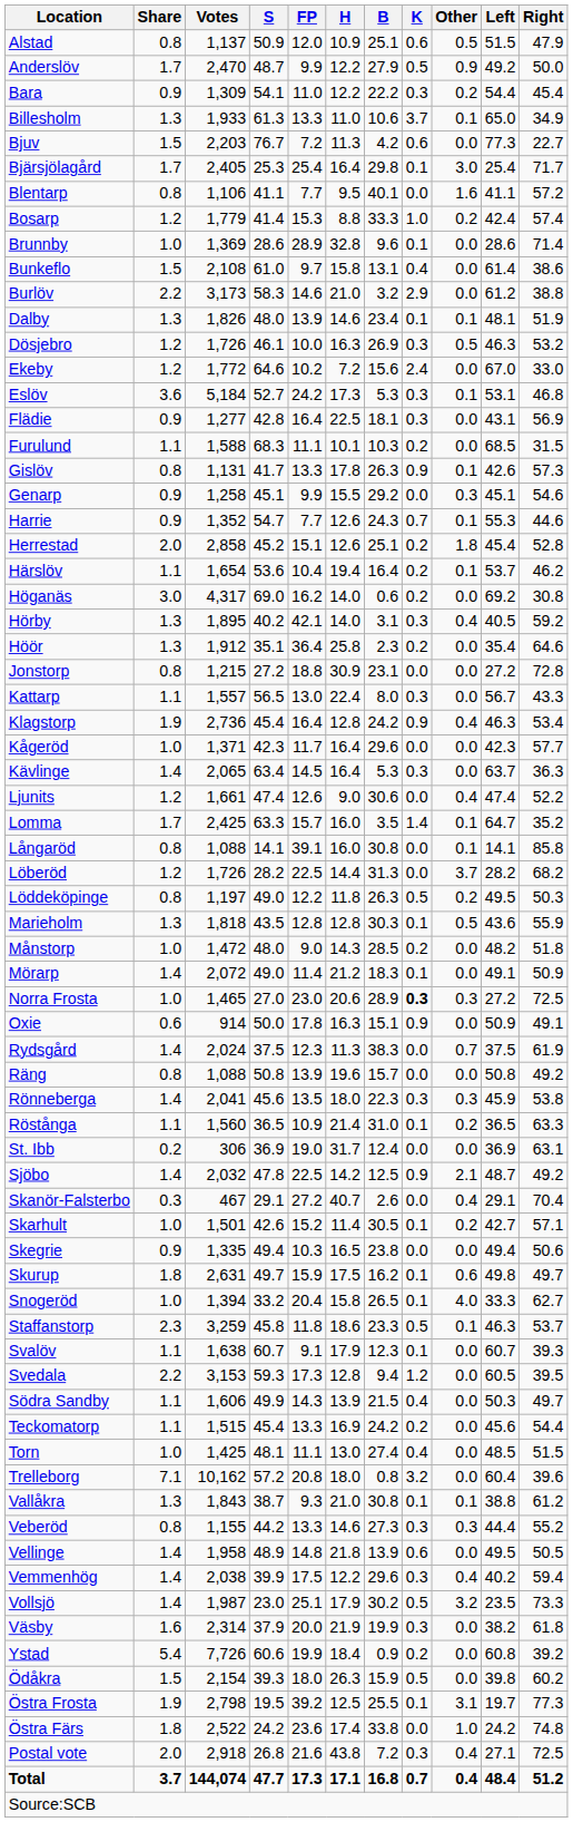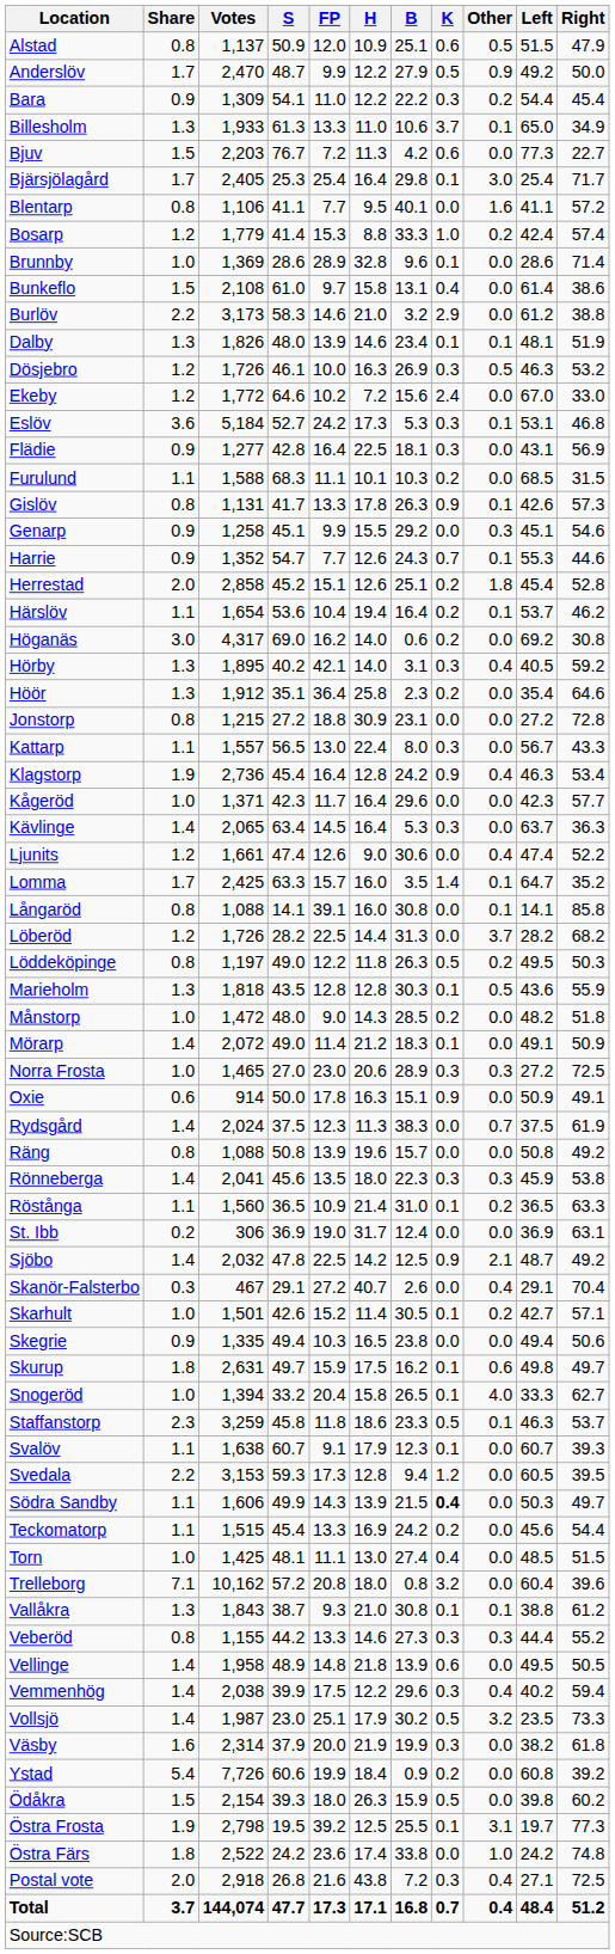 <table class="wikitable sortable" style=text-align:right>
 <tr>
 <th>Location</th>
 <th>Share</th>
 <th>Votes</th>
 <th><a href='#'>S</a></th>
 <th><a href='#'>FP</a></th>
 <th><a href='#'>H</a></th>
 <th><a href='#'>B</a></th>
 <th><a href='#'>K</a></th>
 <th>Other</th>
 <th>Left</th>
 <th>Right</th>
 </tr>
 <tr>
 <td align=left><a href='#'>Alstad</a></td>
 <td>0.8</td>
 <td>1,137</td>
 <td>50.9</td>
 <td>12.0</td>
 <td>10.9</td>
 <td>25.1</td>
 <td>0.6</td>
 <td>0.5</td>
 <td>51.5</td>
 <td>47.9</td>
 </tr>
 <tr>
 <td align=left><a href='#'>Anderslöv</a></td>
 <td>1.7</td>
 <td>2,470</td>
 <td>48.7</td>
 <td>9.9</td>
 <td>12.2</td>
 <td>27.9</td>
 <td>0.5</td>
 <td>0.9</td>
 <td>49.2</td>
 <td>50.0</td>
 </tr>
 <tr>
 <td align=left><a href='#'>Bara</a></td>
 <td>0.9</td>
 <td>1,309</td>
 <td>54.1</td>
 <td>11.0</td>
 <td>12.2</td>
 <td>22.2</td>
 <td>0.3</td>
 <td>0.2</td>
 <td>54.4</td>
 <td>45.4</td>
 </tr>
 <tr>
 <td align=left><a href='#'>Billesholm</a></td>
 <td>1.3</td>
 <td>1,933</td>
 <td>61.3</td>
 <td>13.3</td>
 <td>11.0</td>
 <td>10.6</td>
 <td>3.7</td>
 <td>0.1</td>
 <td>65.0</td>
 <td>34.9</td>
 </tr>
 <tr>
 <td align=left><a href='#'>Bjuv</a></td>
 <td>1.5</td>
 <td>2,203</td>
 <td>76.7</td>
 <td>7.2</td>
 <td>11.3</td>
 <td>4.2</td>
 <td>0.6</td>
 <td>0.0</td>
 <td>77.3</td>
 <td>22.7</td>
 </tr>
 <tr>
 <td align=left><a href='#'>Bjärsjölagård</a></td>
 <td>1.7</td>
 <td>2,405</td>
 <td>25.3</td>
 <td>25.4</td>
 <td>16.4</td>
 <td>29.8</td>
 <td>0.1</td>
 <td>3.0</td>
 <td>25.4</td>
 <td>71.7</td>
 </tr>
 <tr>
 <td align=left><a href='#'>Blentarp</a></td>
 <td>0.8</td>
 <td>1,106</td>
 <td>41.1</td>
 <td>7.7</td>
 <td>9.5</td>
 <td>40.1</td>
 <td>0.0</td>
 <td>1.6</td>
 <td>41.1</td>
 <td>57.2</td>
 </tr>
 <tr>
 <td align=left><a href='#'>Bosarp</a></td>
 <td>1.2</td>
 <td>1,779</td>
 <td>41.4</td>
 <td>15.3</td>
 <td>8.8</td>
 <td>33.3</td>
 <td>1.0</td>
 <td>0.2</td>
 <td>42.4</td>
 <td>57.4</td>
 </tr>
 <tr>
 <td align=left><a href='#'>Brunnby</a></td>
 <td>1.0</td>
 <td>1,369</td>
 <td>28.6</td>
 <td>28.9</td>
 <td>32.8</td>
 <td>9.6</td>
 <td>0.1</td>
 <td>0.0</td>
 <td>28.6</td>
 <td>71.4</td>
 </tr>
 <tr>
 <td align=left><a href='#'>Bunkeflo</a></td>
 <td>1.5</td>
 <td>2,108</td>
 <td>61.0</td>
 <td>9.7</td>
 <td>15.8</td>
 <td>13.1</td>
 <td>0.4</td>
 <td>0.0</td>
 <td>61.4</td>
 <td>38.6</td>
 </tr>
 <tr>
 <td align=left><a href='#'>Burlöv</a></td>
 <td>2.2</td>
 <td>3,173</td>
 <td>58.3</td>
 <td>14.6</td>
 <td>21.0</td>
 <td>3.2</td>
 <td>2.9</td>
 <td>0.0</td>
 <td>61.2</td>
 <td>38.8</td>
 </tr>
 <tr>
 <td align=left><a href='#'>Dalby</a></td>
 <td>1.3</td>
 <td>1,826</td>
 <td>48.0</td>
 <td>13.9</td>
 <td>14.6</td>
 <td>23.4</td>
 <td>0.1</td>
 <td>0.1</td>
 <td>48.1</td>
 <td>51.9</td>
 </tr>
 <tr>
 <td align=left><a href='#'>Dösjebro</a></td>
 <td>1.2</td>
 <td>1,726</td>
 <td>46.1</td>
 <td>10.0</td>
 <td>16.3</td>
 <td>26.9</td>
 <td>0.3</td>
 <td>0.5</td>
 <td>46.3</td>
 <td>53.2</td>
 </tr>
 <tr>
 <td align=left><a href='#'>Ekeby</a></td>
 <td>1.2</td>
 <td>1,772</td>
 <td>64.6</td>
 <td>10.2</td>
 <td>7.2</td>
 <td>15.6</td>
 <td>2.4</td>
 <td>0.0</td>
 <td>67.0</td>
 <td>33.0</td>
 </tr>
 <tr>
 <td align=left><a href='#'>Eslöv</a></td>
 <td>3.6</td>
 <td>5,184</td>
 <td>52.7</td>
 <td>24.2</td>
 <td>17.3</td>
 <td>5.3</td>
 <td>0.3</td>
 <td>0.1</td>
 <td>53.1</td>
 <td>46.8</td>
 </tr>
 <tr>
 <td align=left><a href='#'>Flädie</a></td>
 <td>0.9</td>
 <td>1,277</td>
 <td>42.8</td>
 <td>16.4</td>
 <td>22.5</td>
 <td>18.1</td>
 <td>0.3</td>
 <td>0.0</td>
 <td>43.1</td>
 <td>56.9</td>
 </tr>
 <tr>
 <td align=left><a href='#'>Furulund</a></td>
 <td>1.1</td>
 <td>1,588</td>
 <td>68.3</td>
 <td>11.1</td>
 <td>10.1</td>
 <td>10.3</td>
 <td>0.2</td>
 <td>0.0</td>
 <td>68.5</td>
 <td>31.5</td>
 </tr>
 <tr>
 <td align=left><a href='#'>Gislöv</a></td>
 <td>0.8</td>
 <td>1,131</td>
 <td>41.7</td>
 <td>13.3</td>
 <td>17.8</td>
 <td>26.3</td>
 <td>0.9</td>
 <td>0.1</td>
 <td>42.6</td>
 <td>57.3</td>
 </tr>
 <tr>
 <td align=left><a href='#'>Genarp</a></td>
 <td>0.9</td>
 <td>1,258</td>
 <td>45.1</td>
 <td>9.9</td>
 <td>15.5</td>
 <td>29.2</td>
 <td>0.0</td>
 <td>0.3</td>
 <td>45.1</td>
 <td>54.6</td>
 </tr>
 <tr>
 <td align=left><a href='#'>Harrie</a></td>
 <td>0.9</td>
 <td>1,352</td>
 <td>54.7</td>
 <td>7.7</td>
 <td>12.6</td>
 <td>24.3</td>
 <td>0.7</td>
 <td>0.1</td>
 <td>55.3</td>
 <td>44.6</td>
 </tr>
 <tr>
 <td align=left><a href='#'>Herrestad</a></td>
 <td>2.0</td>
 <td>2,858</td>
 <td>45.2</td>
 <td>15.1</td>
 <td>12.6</td>
 <td>25.1</td>
 <td>0.2</td>
 <td>1.8</td>
 <td>45.4</td>
 <td>52.8</td>
 </tr>
 <tr>
 <td align=left><a href='#'>Härslöv</a></td>
 <td>1.1</td>
 <td>1,654</td>
 <td>53.6</td>
 <td>10.4</td>
 <td>19.4</td>
 <td>16.4</td>
 <td>0.2</td>
 <td>0.1</td>
 <td>53.7</td>
 <td>46.2</td>
 </tr>
 <tr>
 <td align=left><a href='#'>Höganäs</a></td>
 <td>3.0</td>
 <td>4,317</td>
 <td>69.0</td>
 <td>16.2</td>
 <td>14.0</td>
 <td>0.6</td>
 <td>0.2</td>
 <td>0.0</td>
 <td>69.2</td>
 <td>30.8</td>
 </tr>
 <tr>
 <td align=left><a href='#'>Hörby</a></td>
 <td>1.3</td>
 <td>1,895</td>
 <td>40.2</td>
 <td>42.1</td>
 <td>14.0</td>
 <td>3.1</td>
 <td>0.3</td>
 <td>0.4</td>
 <td>40.5</td>
 <td>59.2</td>
 </tr>
 <tr>
 <td align=left><a href='#'>Höör</a></td>
 <td>1.3</td>
 <td>1,912</td>
 <td>35.1</td>
 <td>36.4</td>
 <td>25.8</td>
 <td>2.3</td>
 <td>0.2</td>
 <td>0.0</td>
 <td>35.4</td>
 <td>64.6</td>
 </tr>
 <tr>
 <td align=left><a href='#'>Jonstorp</a></td>
 <td>0.8</td>
 <td>1,215</td>
 <td>27.2</td>
 <td>18.8</td>
 <td>30.9</td>
 <td>23.1</td>
 <td>0.0</td>
 <td>0.0</td>
 <td>27.2</td>
 <td>72.8</td>
 </tr>
 <tr>
 <td align=left><a href='#'>Kattarp</a></td>
 <td>1.1</td>
 <td>1,557</td>
 <td>56.5</td>
 <td>13.0</td>
 <td>22.4</td>
 <td>8.0</td>
 <td>0.3</td>
 <td>0.0</td>
 <td>56.7</td>
 <td>43.3</td>
 </tr>
 <tr>
 <td align=left><a href='#'>Klagstorp</a></td>
 <td>1.9</td>
 <td>2,736</td>
 <td>45.4</td>
 <td>16.4</td>
 <td>12.8</td>
 <td>24.2</td>
 <td>0.9</td>
 <td>0.4</td>
 <td>46.3</td>
 <td>53.4</td>
 </tr>
 <tr>
 <td align=left><a href='#'>Kågeröd</a></td>
 <td>1.0</td>
 <td>1,371</td>
 <td>42.3</td>
 <td>11.7</td>
 <td>16.4</td>
 <td>29.6</td>
 <td>0.0</td>
 <td>0.0</td>
 <td>42.3</td>
 <td>57.7</td>
 </tr>
 <tr>
 <td align=left><a href='#'>Kävlinge</a></td>
 <td>1.4</td>
 <td>2,065</td>
 <td>63.4</td>
 <td>14.5</td>
 <td>16.4</td>
 <td>5.3</td>
 <td>0.3</td>
 <td>0.0</td>
 <td>63.7</td>
 <td>36.3</td>
 </tr>
 <tr>
 <td align=left><a href='#'>Ljunits</a></td>
 <td>1.2</td>
 <td>1,661</td>
 <td>47.4</td>
 <td>12.6</td>
 <td>9.0</td>
 <td>30.6</td>
 <td>0.0</td>
 <td>0.4</td>
 <td>47.4</td>
 <td>52.2</td>
 </tr>
 <tr>
 <td align=left><a href='#'>Lomma</a></td>
 <td>1.7</td>
 <td>2,425</td>
 <td>63.3</td>
 <td>15.7</td>
 <td>16.0</td>
 <td>3.5</td>
 <td>1.4</td>
 <td>0.1</td>
 <td>64.7</td>
 <td>35.2</td>
 </tr>
 <tr>
 <td align=left><a href='#'>Långaröd</a></td>
 <td>0.8</td>
 <td>1,088</td>
 <td>14.1</td>
 <td>39.1</td>
 <td>16.0</td>
 <td>30.8</td>
 <td>0.0</td>
 <td>0.1</td>
 <td>14.1</td>
 <td>85.8</td>
 </tr>
 <tr>
 <td align=left><a href='#'>Löberöd</a></td>
 <td>1.2</td>
 <td>1,726</td>
 <td>28.2</td>
 <td>22.5</td>
 <td>14.4</td>
 <td>31.3</td>
 <td>0.0</td>
 <td>3.7</td>
 <td>28.2</td>
 <td>68.2</td>
 </tr>
 <tr>
 <td align=left><a href='#'>Löddeköpinge</a></td>
 <td>0.8</td>
 <td>1,197</td>
 <td>49.0</td>
 <td>12.2</td>
 <td>11.8</td>
 <td>26.3</td>
 <td>0.5</td>
 <td>0.2</td>
 <td>49.5</td>
 <td>50.3</td>
 </tr>
 <tr>
 <td align=left><a href='#'>Marieholm</a></td>
 <td>1.3</td>
 <td>1,818</td>
 <td>43.5</td>
 <td>12.8</td>
 <td>12.8</td>
 <td>30.3</td>
 <td>0.1</td>
 <td>0.5</td>
 <td>43.6</td>
 <td>55.9</td>
 </tr>
 <tr>
 <td align=left><a href='#'>Månstorp</a></td>
 <td>1.0</td>
 <td>1,472</td>
 <td>48.0</td>
 <td>9.0</td>
 <td>14.3</td>
 <td>28.5</td>
 <td>0.2</td>
 <td>0.0</td>
 <td>48.2</td>
 <td>51.8</td>
 </tr>
 <tr>
 <td align=left><a href='#'>Mörarp</a></td>
 <td>1.4</td>
 <td>2,072</td>
 <td>49.0</td>
 <td>11.4</td>
 <td>21.2</td>
 <td>18.3</td>
 <td>0.1</td>
 <td>0.0</td>
 <td>49.1</td>
 <td>50.9</td>
 </tr>
 <tr>
 <td align=left><a href='#'>Norra Frosta</a></td>
 <td>1.0</td>
 <td>1,465</td>
 <td>27.0</td>
 <td>23.0</td>
 <td>20.6</td>
 <td>28.9</td>
-<td><strong>0.3</strong></td>
+<td>0.3</td>
 <td>0.3</td>
 <td>27.2</td>
 <td>72.5</td>
 </tr>
 <tr>
 <td align=left><a href='#'>Oxie</a></td>
 <td>0.6</td>
 <td>914</td>
 <td>50.0</td>
 <td>17.8</td>
 <td>16.3</td>
 <td>15.1</td>
 <td>0.9</td>
 <td>0.0</td>
 <td>50.9</td>
 <td>49.1</td>
 </tr>
 <tr>
 <td align=left><a href='#'>Rydsgård</a></td>
 <td>1.4</td>
 <td>2,024</td>
 <td>37.5</td>
 <td>12.3</td>
 <td>11.3</td>
 <td>38.3</td>
 <td>0.0</td>
 <td>0.7</td>
 <td>37.5</td>
 <td>61.9</td>
 </tr>
 <tr>
 <td align=left><a href='#'>Räng</a></td>
 <td>0.8</td>
 <td>1,088</td>
 <td>50.8</td>
 <td>13.9</td>
 <td>19.6</td>
 <td>15.7</td>
 <td>0.0</td>
 <td>0.0</td>
 <td>50.8</td>
 <td>49.2</td>
 </tr>
 <tr>
 <td align=left><a href='#'>Rönneberga</a></td>
 <td>1.4</td>
 <td>2,041</td>
 <td>45.6</td>
 <td>13.5</td>
 <td>18.0</td>
 <td>22.3</td>
 <td>0.3</td>
 <td>0.3</td>
 <td>45.9</td>
 <td>53.8</td>
 </tr>
 <tr>
 <td align=left><a href='#'>Röstånga</a></td>
 <td>1.1</td>
 <td>1,560</td>
 <td>36.5</td>
 <td>10.9</td>
 <td>21.4</td>
 <td>31.0</td>
 <td>0.1</td>
 <td>0.2</td>
 <td>36.5</td>
 <td>63.3</td>
 </tr>
 <tr>
 <td align=left><a href='#'>St. Ibb</a></td>
 <td>0.2</td>
 <td>306</td>
 <td>36.9</td>
 <td>19.0</td>
 <td>31.7</td>
 <td>12.4</td>
 <td>0.0</td>
 <td>0.0</td>
 <td>36.9</td>
 <td>63.1</td>
 </tr>
 <tr>
 <td align=left><a href='#'>Sjöbo</a></td>
 <td>1.4</td>
 <td>2,032</td>
 <td>47.8</td>
 <td>22.5</td>
 <td>14.2</td>
 <td>12.5</td>
 <td>0.9</td>
 <td>2.1</td>
 <td>48.7</td>
 <td>49.2</td>
 </tr>
 <tr>
 <td align=left><a href='#'>Skanör-Falsterbo</a></td>
 <td>0.3</td>
 <td>467</td>
 <td>29.1</td>
 <td>27.2</td>
 <td>40.7</td>
 <td>2.6</td>
 <td>0.0</td>
 <td>0.4</td>
 <td>29.1</td>
 <td>70.4</td>
 </tr>
 <tr>
 <td align=left><a href='#'>Skarhult</a></td>
 <td>1.0</td>
 <td>1,501</td>
 <td>42.6</td>
 <td>15.2</td>
 <td>11.4</td>
 <td>30.5</td>
 <td>0.1</td>
 <td>0.2</td>
 <td>42.7</td>
 <td>57.1</td>
 </tr>
 <tr>
 <td align=left><a href='#'>Skegrie</a></td>
 <td>0.9</td>
 <td>1,335</td>
 <td>49.4</td>
 <td>10.3</td>
 <td>16.5</td>
 <td>23.8</td>
 <td>0.0</td>
 <td>0.0</td>
 <td>49.4</td>
 <td>50.6</td>
 </tr>
 <tr>
 <td align=left><a href='#'>Skurup</a></td>
 <td>1.8</td>
 <td>2,631</td>
 <td>49.7</td>
 <td>15.9</td>
 <td>17.5</td>
 <td>16.2</td>
 <td>0.1</td>
 <td>0.6</td>
 <td>49.8</td>
 <td>49.7</td>
 </tr>
 <tr>
 <td align=left><a href='#'>Snogeröd</a></td>
 <td>1.0</td>
 <td>1,394</td>
 <td>33.2</td>
 <td>20.4</td>
 <td>15.8</td>
 <td>26.5</td>
 <td>0.1</td>
 <td>4.0</td>
 <td>33.3</td>
 <td>62.7</td>
 </tr>
 <tr>
 <td align=left><a href='#'>Staffanstorp</a></td>
 <td>2.3</td>
 <td>3,259</td>
 <td>45.8</td>
 <td>11.8</td>
 <td>18.6</td>
 <td>23.3</td>
 <td>0.5</td>
 <td>0.1</td>
 <td>46.3</td>
 <td>53.7</td>
 </tr>
 <tr>
 <td align=left><a href='#'>Svalöv</a></td>
 <td>1.1</td>
 <td>1,638</td>
 <td>60.7</td>
 <td>9.1</td>
 <td>17.9</td>
 <td>12.3</td>
 <td>0.1</td>
 <td>0.0</td>
 <td>60.7</td>
 <td>39.3</td>
 </tr>
 <tr>
 <td align=left><a href='#'>Svedala</a></td>
 <td>2.2</td>
 <td>3,153</td>
 <td>59.3</td>
 <td>17.3</td>
 <td>12.8</td>
 <td>9.4</td>
 <td>1.2</td>
 <td>0.0</td>
 <td>60.5</td>
 <td>39.5</td>
 </tr>
 <tr>
 <td align=left><a href='#'>Södra Sandby</a></td>
 <td>1.1</td>
 <td>1,606</td>
 <td>49.9</td>
 <td>14.3</td>
 <td>13.9</td>
 <td>21.5</td>
-<td>0.4</td>
+<td><strong>0.4</strong></td>
 <td>0.0</td>
 <td>50.3</td>
 <td>49.7</td>
 </tr>
 <tr>
 <td align=left><a href='#'>Teckomatorp</a></td>
 <td>1.1</td>
 <td>1,515</td>
 <td>45.4</td>
 <td>13.3</td>
 <td>16.9</td>
 <td>24.2</td>
 <td>0.2</td>
 <td>0.0</td>
 <td>45.6</td>
 <td>54.4</td>
 </tr>
 <tr>
 <td align=left><a href='#'>Torn</a></td>
 <td>1.0</td>
 <td>1,425</td>
 <td>48.1</td>
 <td>11.1</td>
 <td>13.0</td>
 <td>27.4</td>
 <td>0.4</td>
 <td>0.0</td>
 <td>48.5</td>
 <td>51.5</td>
 </tr>
 <tr>
 <td align=left><a href='#'>Trelleborg</a></td>
 <td>7.1</td>
 <td>10,162</td>
 <td>57.2</td>
 <td>20.8</td>
 <td>18.0</td>
 <td>0.8</td>
 <td>3.2</td>
 <td>0.0</td>
 <td>60.4</td>
 <td>39.6</td>
 </tr>
 <tr>
 <td align=left><a href='#'>Vallåkra</a></td>
 <td>1.3</td>
 <td>1,843</td>
 <td>38.7</td>
 <td>9.3</td>
 <td>21.0</td>
 <td>30.8</td>
 <td>0.1</td>
 <td>0.1</td>
 <td>38.8</td>
 <td>61.2</td>
 </tr>
 <tr>
 <td align=left><a href='#'>Veberöd</a></td>
 <td>0.8</td>
 <td>1,155</td>
 <td>44.2</td>
 <td>13.3</td>
 <td>14.6</td>
 <td>27.3</td>
 <td>0.3</td>
 <td>0.3</td>
 <td>44.4</td>
 <td>55.2</td>
 </tr>
 <tr>
 <td align=left><a href='#'>Vellinge</a></td>
 <td>1.4</td>
 <td>1,958</td>
 <td>48.9</td>
 <td>14.8</td>
 <td>21.8</td>
 <td>13.9</td>
 <td>0.6</td>
 <td>0.0</td>
 <td>49.5</td>
 <td>50.5</td>
 </tr>
 <tr>
 <td align=left><a href='#'>Vemmenhög</a></td>
 <td>1.4</td>
 <td>2,038</td>
 <td>39.9</td>
 <td>17.5</td>
 <td>12.2</td>
 <td>29.6</td>
 <td>0.3</td>
 <td>0.4</td>
 <td>40.2</td>
 <td>59.4</td>
 </tr>
 <tr>
 <td align=left><a href='#'>Vollsjö</a></td>
 <td>1.4</td>
 <td>1,987</td>
 <td>23.0</td>
 <td>25.1</td>
 <td>17.9</td>
 <td>30.2</td>
 <td>0.5</td>
 <td>3.2</td>
 <td>23.5</td>
 <td>73.3</td>
 </tr>
 <tr>
 <td align=left><a href='#'>Väsby</a></td>
 <td>1.6</td>
 <td>2,314</td>
 <td>37.9</td>
 <td>20.0</td>
 <td>21.9</td>
 <td>19.9</td>
 <td>0.3</td>
 <td>0.0</td>
 <td>38.2</td>
 <td>61.8</td>
 </tr>
 <tr>
 <td align=left><a href='#'>Ystad</a></td>
 <td>5.4</td>
 <td>7,726</td>
 <td>60.6</td>
 <td>19.9</td>
 <td>18.4</td>
 <td>0.9</td>
 <td>0.2</td>
 <td>0.0</td>
 <td>60.8</td>
 <td>39.2</td>
 </tr>
 <tr>
 <td align=left><a href='#'>Ödåkra</a></td>
 <td>1.5</td>
 <td>2,154</td>
 <td>39.3</td>
 <td>18.0</td>
 <td>26.3</td>
 <td>15.9</td>
 <td>0.5</td>
 <td>0.0</td>
 <td>39.8</td>
 <td>60.2</td>
 </tr>
 <tr>
 <td align=left><a href='#'>Östra Frosta</a></td>
 <td>1.9</td>
 <td>2,798</td>
 <td>19.5</td>
 <td>39.2</td>
 <td>12.5</td>
 <td>25.5</td>
 <td>0.1</td>
 <td>3.1</td>
 <td>19.7</td>
 <td>77.3</td>
 </tr>
 <tr>
 <td align=left><a href='#'>Östra Färs</a></td>
 <td>1.8</td>
 <td>2,522</td>
 <td>24.2</td>
 <td>23.6</td>
 <td>17.4</td>
 <td>33.8</td>
 <td>0.0</td>
 <td>1.0</td>
 <td>24.2</td>
 <td>74.8</td>
 </tr>
 <tr>
 <td align=left><a href='#'>Postal vote</a></td>
 <td>2.0</td>
 <td>2,918</td>
 <td>26.8</td>
 <td>21.6</td>
 <td>43.8</td>
 <td>7.2</td>
 <td>0.3</td>
 <td>0.4</td>
 <td>27.1</td>
 <td>72.5</td>
 </tr>
 <tr>
 <td align=left><strong>Total</strong></td>
 <td><strong>3.7</strong></td>
 <td><strong>144,074</strong></td>
 <td><strong>47.7</strong></td>
 <td><strong>17.3</strong></td>
 <td><strong>17.1</strong></td>
 <td><strong>16.8</strong></td>
 <td><strong>0.7</strong></td>
 <td><strong>0.4</strong></td>
 <td><strong>48.4</strong></td>
 <td><strong>51.2</strong></td>
 </tr>
 <tr>
 <td align=left colspan=11>Source:SCB </td>
 </tr>
 </table>
